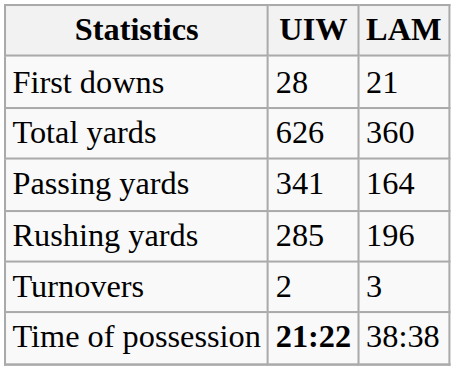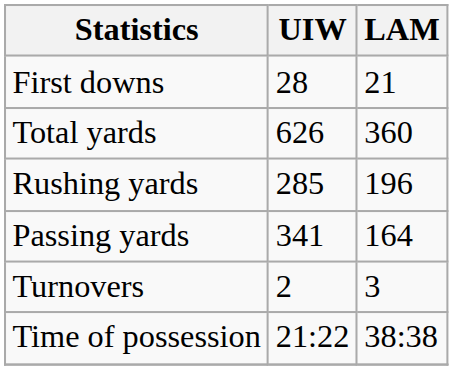 <table class="wikitable">
 <tr>
 <th>Statistics</th>
 <th>UIW</th>
 <th>LAM</th>
 </tr>
 <tr>
 <td>First downs</td>
 <td>28</td>
 <td>21</td>
 </tr>
 <tr>
 <td>Total yards</td>
 <td>626</td>
 <td>360</td>
 </tr>
 <tr>
+<td>Rushing yards</td>
+<td>285</td>
+<td>196</td>
+</tr>
+<tr>
 <td>Passing yards</td>
 <td>341</td>
 <td>164</td>
-</tr>
-<tr>
-<td>Rushing yards</td>
-<td>285</td>
-<td>196</td>
 </tr>
 <tr>
 <td>Turnovers</td>
 <td>2</td>
 <td>3</td>
 </tr>
 <tr>
 <td>Time of possession</td>
-<td><strong>21:22</strong></td>
+<td>21:22</td>
 <td>38:38</td>
 </tr>
 <tr>
 </tr>
 </table>
